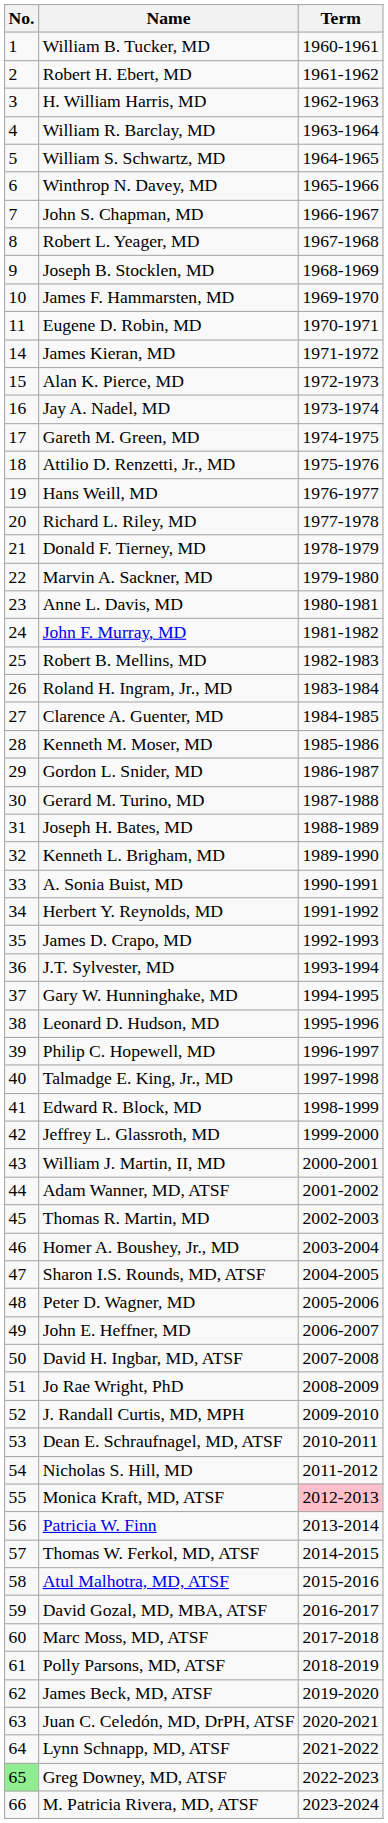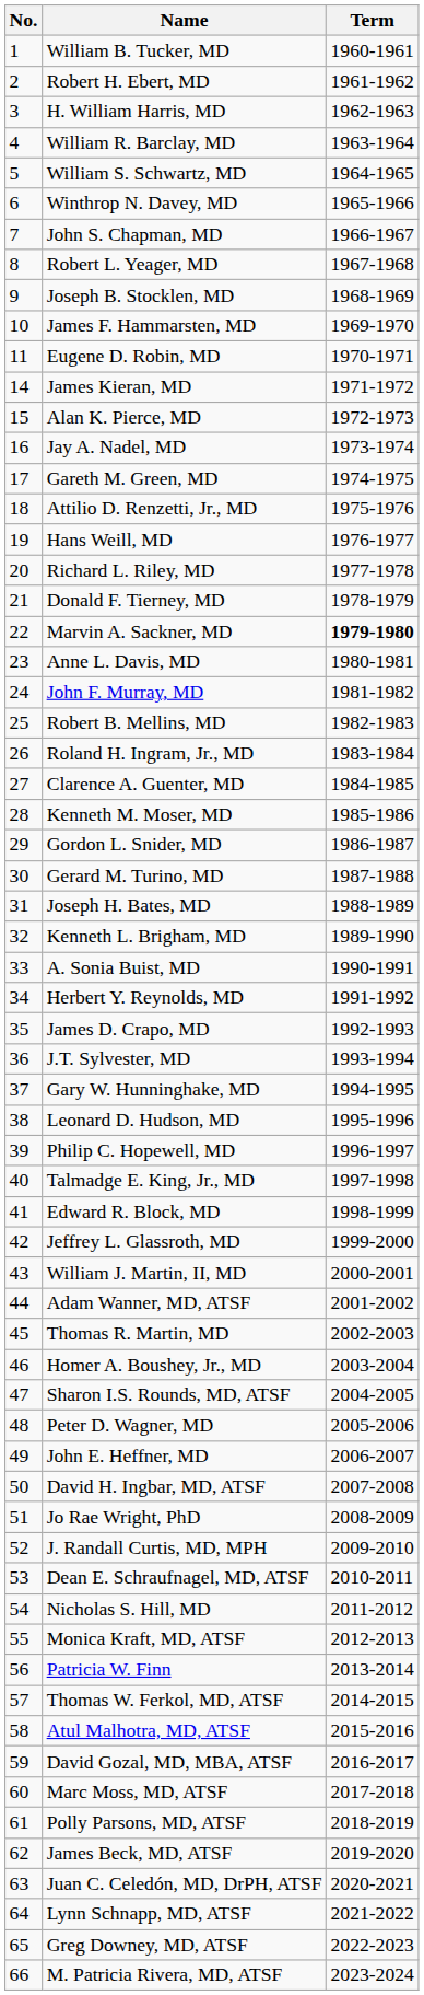 <table class="wikitable">
 <tr>
 <th>No.</th>
 <th>Name</th>
 <th>Term</th>
 </tr>
 <tr>
 <td>1</td>
 <td>William B. Tucker, MD</td>
 <td>1960-1961</td>
 </tr>
 <tr>
 <td>2</td>
 <td>Robert H. Ebert, MD</td>
 <td>1961-1962</td>
 </tr>
 <tr>
 <td>3</td>
 <td>H. William Harris, MD</td>
 <td>1962-1963</td>
 </tr>
 <tr>
 <td>4</td>
 <td>William R. Barclay, MD</td>
 <td>1963-1964</td>
 </tr>
 <tr>
 <td>5</td>
 <td>William S. Schwartz, MD</td>
 <td>1964-1965</td>
 </tr>
 <tr>
 <td>6</td>
 <td>Winthrop N. Davey, MD</td>
 <td>1965-1966</td>
 </tr>
 <tr>
 <td>7</td>
 <td>John S. Chapman, MD</td>
 <td>1966-1967</td>
 </tr>
 <tr>
 <td>8</td>
 <td>Robert L. Yeager, MD</td>
 <td>1967-1968</td>
 </tr>
 <tr>
 <td>9</td>
 <td>Joseph B. Stocklen, MD</td>
 <td>1968-1969</td>
 </tr>
 <tr>
 <td>10</td>
 <td>James F. Hammarsten, MD</td>
 <td>1969-1970</td>
 </tr>
 <tr>
 <td>11</td>
 <td>Eugene D. Robin, MD</td>
 <td>1970-1971</td>
 </tr>
 <tr>
 <td>14</td>
 <td>James Kieran, MD</td>
 <td>1971-1972</td>
 </tr>
 <tr>
 <td>15</td>
 <td>Alan K. Pierce, MD</td>
 <td>1972-1973</td>
 </tr>
 <tr>
 <td>16</td>
 <td>Jay A. Nadel, MD</td>
 <td>1973-1974</td>
 </tr>
 <tr>
 <td>17</td>
 <td>Gareth M. Green, MD</td>
 <td>1974-1975</td>
 </tr>
 <tr>
 <td>18</td>
 <td>Attilio D. Renzetti, Jr., MD</td>
 <td>1975-1976</td>
 </tr>
 <tr>
 <td>19</td>
 <td>Hans Weill, MD</td>
 <td>1976-1977</td>
 </tr>
 <tr>
 <td>20</td>
 <td>Richard L. Riley, MD</td>
 <td>1977-1978</td>
 </tr>
 <tr>
 <td>21</td>
 <td>Donald F. Tierney, MD</td>
 <td>1978-1979</td>
 </tr>
 <tr>
 <td>22</td>
 <td>Marvin A. Sackner, MD</td>
-<td>1979-1980</td>
+<td><strong>1979-1980</strong></td>
 </tr>
 <tr>
 <td>23</td>
 <td>Anne L. Davis, MD</td>
 <td>1980-1981</td>
 </tr>
 <tr>
 <td>24</td>
 <td><a href='#'>John F. Murray, MD</a></td>
 <td>1981-1982</td>
 </tr>
 <tr>
 <td>25</td>
 <td>Robert B. Mellins, MD</td>
 <td>1982-1983</td>
 </tr>
 <tr>
 <td>26</td>
 <td>Roland H. Ingram, Jr., MD</td>
 <td>1983-1984</td>
 </tr>
 <tr>
 <td>27</td>
 <td>Clarence A. Guenter, MD</td>
 <td>1984-1985</td>
 </tr>
 <tr>
 <td>28</td>
 <td>Kenneth M. Moser, MD</td>
 <td>1985-1986</td>
 </tr>
 <tr>
 <td>29</td>
 <td>Gordon L. Snider, MD</td>
 <td>1986-1987</td>
 </tr>
 <tr>
 <td>30</td>
 <td>Gerard M. Turino, MD</td>
 <td>1987-1988</td>
 </tr>
 <tr>
 <td>31</td>
 <td>Joseph H. Bates, MD</td>
 <td>1988-1989</td>
 </tr>
 <tr>
 <td>32</td>
 <td>Kenneth L. Brigham, MD</td>
 <td>1989-1990</td>
 </tr>
 <tr>
 <td>33</td>
 <td>A. Sonia Buist, MD</td>
 <td>1990-1991</td>
 </tr>
 <tr>
 <td>34</td>
 <td>Herbert Y. Reynolds, MD</td>
 <td>1991-1992</td>
 </tr>
 <tr>
 <td>35</td>
 <td>James D. Crapo, MD</td>
 <td>1992-1993</td>
 </tr>
 <tr>
 <td>36</td>
 <td>J.T. Sylvester, MD</td>
 <td>1993-1994</td>
 </tr>
 <tr>
 <td>37</td>
 <td>Gary W. Hunninghake, MD</td>
 <td>1994-1995</td>
 </tr>
 <tr>
 <td>38</td>
 <td>Leonard D. Hudson, MD</td>
 <td>1995-1996</td>
 </tr>
 <tr>
 <td>39</td>
 <td>Philip C. Hopewell, MD</td>
 <td>1996-1997</td>
 </tr>
 <tr>
 <td>40</td>
 <td>Talmadge E. King, Jr., MD</td>
 <td>1997-1998</td>
 </tr>
 <tr>
 <td>41</td>
 <td>Edward R. Block, MD</td>
 <td>1998-1999</td>
 </tr>
 <tr>
 <td>42</td>
 <td>Jeffrey L. Glassroth, MD</td>
 <td>1999-2000</td>
 </tr>
 <tr>
 <td>43</td>
 <td>William J. Martin, II, MD</td>
 <td>2000-2001</td>
 </tr>
 <tr>
 <td>44</td>
 <td>Adam Wanner, MD, ATSF</td>
 <td>2001-2002</td>
 </tr>
 <tr>
 <td>45</td>
 <td>Thomas R. Martin, MD</td>
 <td>2002-2003</td>
 </tr>
 <tr>
 <td>46</td>
 <td>Homer A. Boushey, Jr., MD</td>
 <td>2003-2004</td>
 </tr>
 <tr>
 <td>47</td>
 <td>Sharon I.S. Rounds, MD, ATSF</td>
 <td>2004-2005</td>
 </tr>
 <tr>
 <td>48</td>
 <td>Peter D. Wagner, MD</td>
 <td>2005-2006</td>
 </tr>
 <tr>
 <td>49</td>
 <td>John E. Heffner, MD</td>
 <td>2006-2007</td>
 </tr>
 <tr>
 <td>50</td>
 <td>David H. Ingbar, MD, ATSF</td>
 <td>2007-2008</td>
 </tr>
 <tr>
 <td>51</td>
 <td>Jo Rae Wright, PhD</td>
 <td>2008-2009</td>
 </tr>
 <tr>
 <td>52</td>
 <td>J. Randall Curtis, MD, MPH</td>
 <td>2009-2010</td>
 </tr>
 <tr>
 <td>53</td>
 <td>Dean E. Schraufnagel, MD, ATSF</td>
 <td>2010-2011</td>
 </tr>
 <tr>
 <td>54</td>
 <td>Nicholas S. Hill, MD</td>
 <td>2011-2012</td>
 </tr>
 <tr>
 <td>55</td>
 <td>Monica Kraft, MD, ATSF</td>
-<td style="background: pink;">2012-2013</td>
+<td>2012-2013</td>
 </tr>
 <tr>
 <td>56</td>
 <td><a href='#'>Patricia W. Finn</a></td>
 <td>2013-2014</td>
 </tr>
 <tr>
 <td>57</td>
 <td>Thomas W. Ferkol, MD, ATSF</td>
 <td>2014-2015</td>
 </tr>
 <tr>
 <td>58</td>
 <td><a href='#'>Atul Malhotra, MD, ATSF</a></td>
 <td>2015-2016</td>
 </tr>
 <tr>
 <td>59</td>
 <td>David Gozal, MD, MBA, ATSF</td>
 <td>2016-2017</td>
 </tr>
 <tr>
 <td>60</td>
 <td>Marc Moss, MD, ATSF</td>
 <td>2017-2018</td>
 </tr>
 <tr>
 <td>61</td>
 <td>Polly Parsons, MD, ATSF</td>
 <td>2018-2019</td>
 </tr>
 <tr>
 <td>62</td>
 <td>James Beck, MD, ATSF</td>
 <td>2019-2020</td>
 </tr>
 <tr>
 <td>63</td>
 <td>Juan C. Celedón, MD, DrPH, ATSF</td>
 <td>2020-2021</td>
 </tr>
 <tr>
 <td>64</td>
 <td>Lynn Schnapp, MD, ATSF</td>
 <td>2021-2022</td>
 </tr>
 <tr>
-<td style="background: lightgreen;">65</td>
+<td>65</td>
 <td>Greg Downey, MD, ATSF</td>
 <td>2022-2023</td>
 </tr>
 <tr>
 <td>66</td>
 <td>M. Patricia Rivera, MD, ATSF</td>
 <td>2023-2024</td>
 </tr>
 </table>
